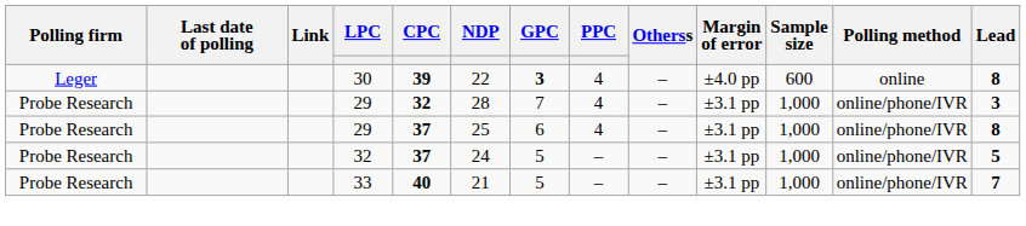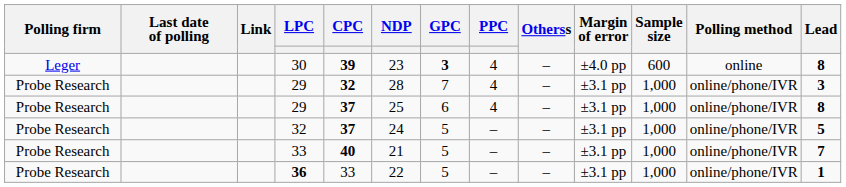 <table class="wikitable sortable mw-datatable" style="text-align:center;font-size:90%;line-height:14px;">
 <tr style="height:40px;">
 <th style="width:105px;" rowspan="2">Polling firm</th>
 <th style="width:105px;" rowspan="2">Last date<br>of polling</th>
 <th rowspan="2">Link</th>
 <th class="unsortable" style="width:40px;"><a href='#'>LPC</a></th>
 <th class="unsortable" style="width:40px;"><a href='#'>CPC</a></th>
 <th class="unsortable" style="width:40px;"><a href='#'>NDP</a></th>
 <th class="unsortable" style="width:40px;"><a href='#'>GPC</a></th>
 <th class="unsortable" style="width:40px;"><a href='#'>PPC</a></th>
 <th rowspan="2" style="width:40px"><a href='#'>Others</a>s</th>
 <th rowspan="2">Margin<br>of error</th>
 <th rowspan="2">Sample<br>size</th>
 <th rowspan="2">Polling method</th>
 <th rowspan="2">Lead</th>
 </tr>
 <tr>
 <th style="background:"></th>
 <th style="background:"></th>
 <th style="background:"></th>
 <th style="background:"></th>
 <th style="background:"></th>
 </tr>
 <tr>
 <td><a href='#'>Leger</a></td>
 <td></td>
 <td></td>
 <td>30</td>
 <td><strong>39</strong></td>
-<td>22</td>
+<td>23</td>
 <td><strong>3</strong></td>
 <td>4</td>
 <td>–</td>
 <td>±4.0 pp</td>
 <td>600</td>
 <td>online</td>
 <td><strong>8</strong></td>
 </tr>
 <tr>
 <td>Probe Research</td>
 <td></td>
 <td></td>
 <td>29</td>
 <td><strong>32</strong></td>
 <td>28</td>
 <td>7</td>
 <td>4</td>
 <td>–</td>
 <td>±3.1 pp</td>
 <td>1,000</td>
 <td>online/phone/IVR</td>
 <td><strong>3</strong></td>
 </tr>
 <tr>
 <td>Probe Research</td>
 <td></td>
 <td></td>
 <td>29</td>
 <td><strong>37</strong></td>
 <td>25</td>
 <td>6</td>
 <td>4</td>
 <td>–</td>
 <td>±3.1 pp</td>
 <td>1,000</td>
 <td>online/phone/IVR</td>
 <td><strong>8</strong></td>
 </tr>
 <tr>
 <td>Probe Research</td>
 <td></td>
 <td></td>
 <td>32</td>
 <td><strong>37</strong></td>
 <td>24</td>
 <td>5</td>
 <td>–</td>
 <td>–</td>
 <td>±3.1 pp</td>
 <td>1,000</td>
 <td>online/phone/IVR</td>
 <td><strong>5</strong></td>
 </tr>
 <tr>
 <td>Probe Research</td>
 <td></td>
 <td></td>
 <td>33</td>
 <td><strong>40</strong></td>
 <td>21</td>
 <td>5</td>
 <td>–</td>
 <td>–</td>
 <td>±3.1 pp</td>
 <td>1,000</td>
 <td>online/phone/IVR</td>
 <td><strong>7</strong></td>
 </tr>
+<tr>
+<td>Probe Research</td>
+<td></td>
+<td></td>
+<td><strong>36</strong></td>
+<td>33</td>
+<td>22</td>
+<td>5</td>
+<td>–</td>
+<td>–</td>
+<td>±3.1 pp</td>
+<td>1,000</td>
+<td>online/phone/IVR</td>
+<td><strong>1</strong></td>
+</tr>
 </table>
